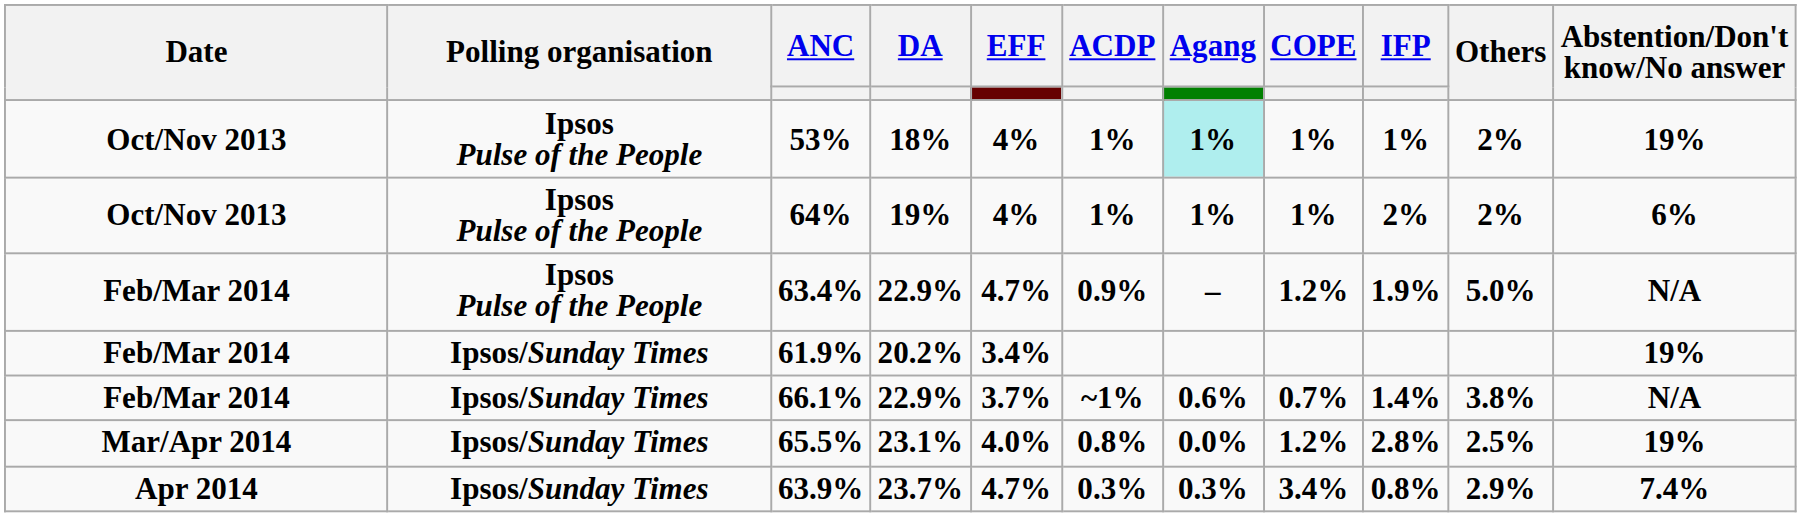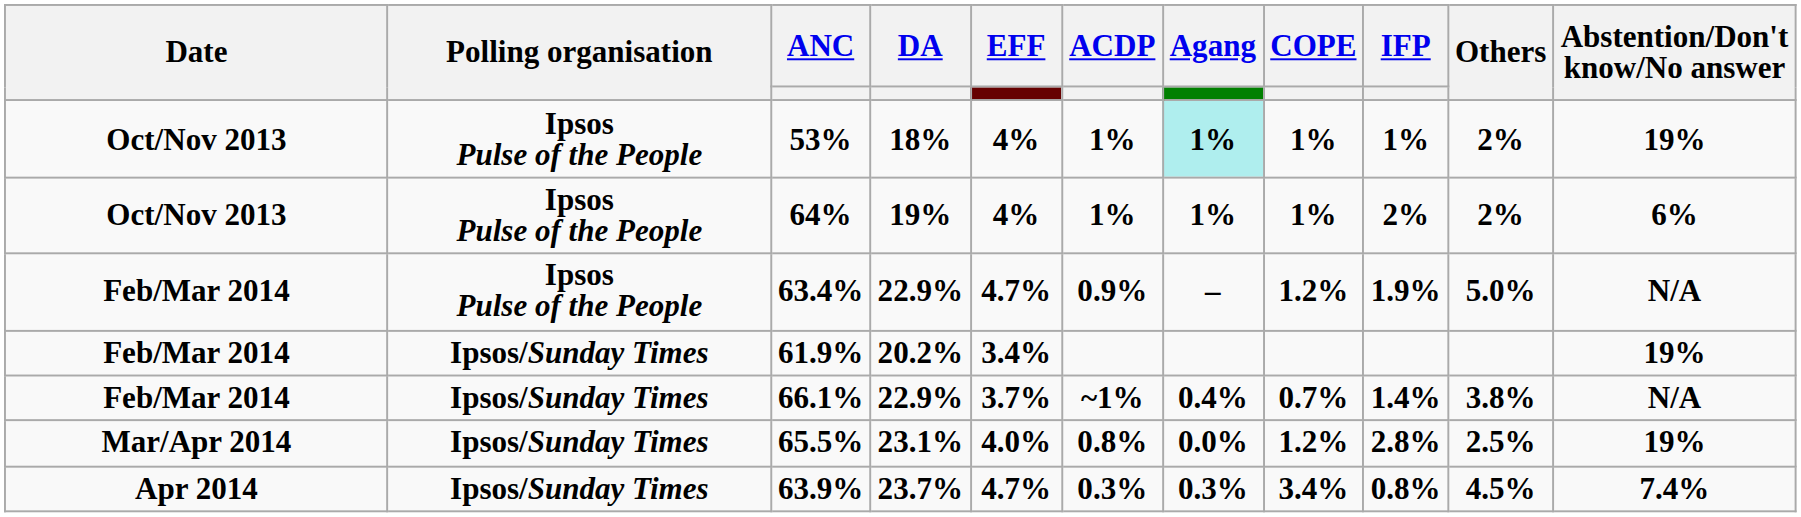 <table class="wikitable" style="text-align:center; line-height:16px;">
 <tr style="height:42px;">
 <th style="width:190px;" rowspan="2">Date</th>
 <th style="width:190px;" rowspan="2">Polling organisation</th>
 <th><a href='#'>ANC</a></th>
 <th><a href='#'>DA</a></th>
 <th><a href='#'>EFF</a></th>
 <th><a href='#'>ACDP</a></th>
 <th><a href='#'>Agang</a></th>
 <th><a href='#'>COPE</a></th>
 <th><a href='#'>IFP</a></th>
 <th style="width:40px;" rowspan="2">Others</th>
 <th style="width:40px;" rowspan="2">Abstention/Don't know/No answer</th>
 </tr>
 <tr>
 <th style="background:"></th>
 <th style="background:"></th>
 <th style="background:#600; width:40px;"></th>
 <th style="background:"></th>
 <th style="background:Green; width:40px;"></th>
 <th style="background:"></th>
 <th style="background:"></th>
 </tr>
 <tr style="font-weight:bold;">
 <td>Oct/Nov 2013</td>
 <td>Ipsos<br><em>Pulse of the People</em></td>
 <td>53%</td>
 <td>18%</td>
 <td>4%</td>
 <td>1%</td>
 <td style="background: paleturquoise;">1%</td>
 <td>1%</td>
 <td>1%</td>
 <td>2%</td>
 <td>19%</td>
 </tr>
 <tr style="font-weight:bold;">
 <td>Oct/Nov 2013</td>
 <td>Ipsos<br><em>Pulse of the People</em></td>
 <td>64%</td>
 <td>19%</td>
 <td>4%</td>
 <td>1%</td>
 <td>1%</td>
 <td>1%</td>
 <td>2%</td>
 <td>2%</td>
 <td>6%</td>
 </tr>
 <tr style="font-weight:bold;">
 <td>Feb/Mar 2014</td>
 <td>Ipsos<br><em>Pulse of the People</em></td>
 <td>63.4%</td>
 <td>22.9%</td>
 <td>4.7%</td>
 <td>0.9%</td>
 <td>–</td>
 <td>1.2%</td>
 <td>1.9%</td>
 <td>5.0%</td>
 <td>N/A</td>
 </tr>
 <tr style="font-weight:bold;">
 <td>Feb/Mar 2014</td>
 <td>Ipsos/<em>Sunday Times</em></td>
 <td>61.9%</td>
 <td>20.2%</td>
 <td>3.4%</td>
 <td></td>
 <td></td>
 <td></td>
 <td></td>
 <td></td>
 <td>19%</td>
 </tr>
 <tr style="font-weight:bold;">
 <td>Feb/Mar 2014</td>
 <td>Ipsos/<em>Sunday Times</em></td>
 <td>66.1%</td>
 <td>22.9%</td>
 <td>3.7%</td>
 <td>~1%</td>
-<td>0.6%</td>
+<td>0.4%</td>
 <td>0.7%</td>
 <td>1.4%</td>
 <td>3.8%</td>
 <td>N/A</td>
 </tr>
 <tr style="font-weight:bold;">
 <td>Mar/Apr 2014</td>
 <td>Ipsos/<em>Sunday Times</em></td>
 <td>65.5%</td>
 <td>23.1%</td>
 <td>4.0%</td>
 <td>0.8%</td>
 <td>0.0%</td>
 <td>1.2%</td>
 <td>2.8%</td>
 <td>2.5%</td>
 <td>19%</td>
 </tr>
 <tr style="font-weight:bold;">
 <td>Apr 2014</td>
 <td>Ipsos/<em>Sunday Times</em></td>
 <td>63.9%</td>
 <td>23.7%</td>
 <td>4.7%</td>
 <td>0.3%</td>
 <td>0.3%</td>
 <td>3.4%</td>
 <td>0.8%</td>
-<td>2.9%</td>
+<td>4.5%</td>
 <td>7.4%</td>
 </tr>
 </table>
